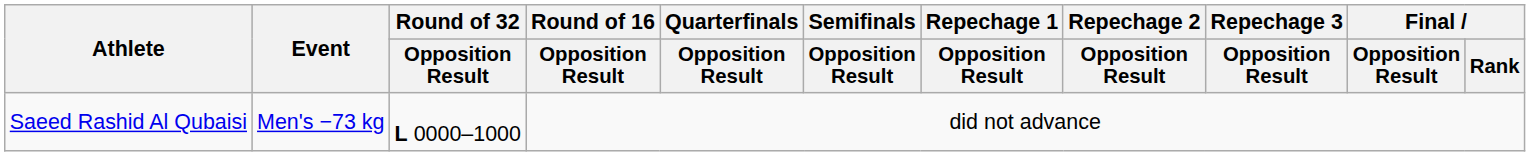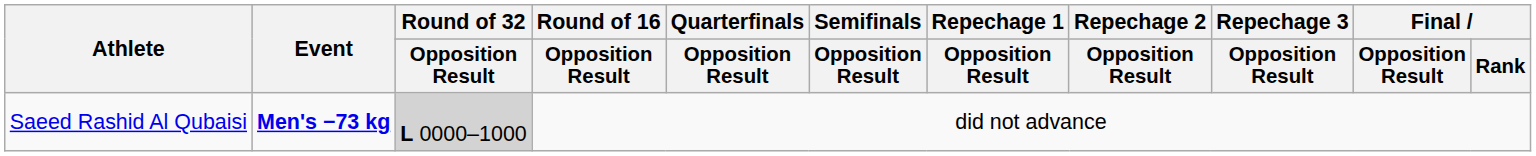 <table class="wikitable" style="font-size:90%">
 <tr>
 <th rowspan="2">Athlete</th>
 <th rowspan="2">Event</th>
 <th scope="col">Round of 32</th>
 <th scope="col">Round of 16</th>
 <th scope="col">Quarterfinals</th>
 <th scope="col">Semifinals</th>
 <th scope="col">Repechage 1</th>
 <th scope="col">Repechage 2</th>
 <th scope="col">Repechage 3</th>
 <th colspan=2>Final / </th>
 </tr>
 <tr style="font-size:95%">
 <th scope="col">Opposition<br>Result</th>
 <th scope="col">Opposition<br>Result</th>
 <th scope="col">Opposition<br>Result</th>
 <th scope="col">Opposition<br>Result</th>
 <th scope="col">Opposition<br>Result</th>
 <th scope="col">Opposition<br>Result</th>
 <th scope="col">Opposition<br>Result</th>
 <th scope="col">Opposition<br>Result</th>
 <th scope="col">Rank</th>
 </tr>
 <tr align=center>
 <td align=left><a href='#'>Saeed Rashid Al Qubaisi</a></td>
-<td align=left><a href='#'>Men's −73 kg</a></td>
-<td align=center> <br> <strong>L</strong> 0000–1000</td>
+<td align=left><strong><a href='#'>Men's −73 kg</a></strong></td>
+<td align=center style="background: lightgrey;"> <br> <strong>L</strong> 0000–1000</td>
 <td colspan=8>did not advance</td>
 </tr>
 </table>
